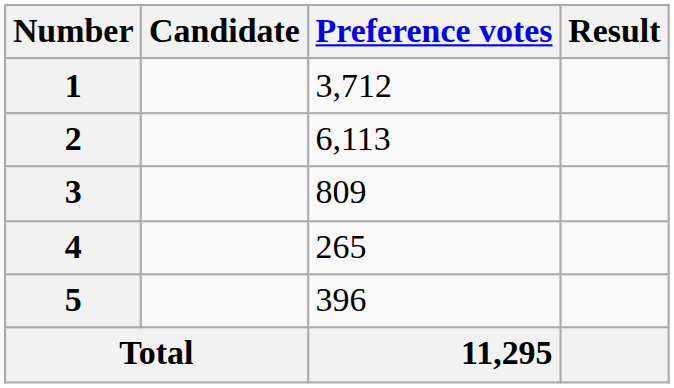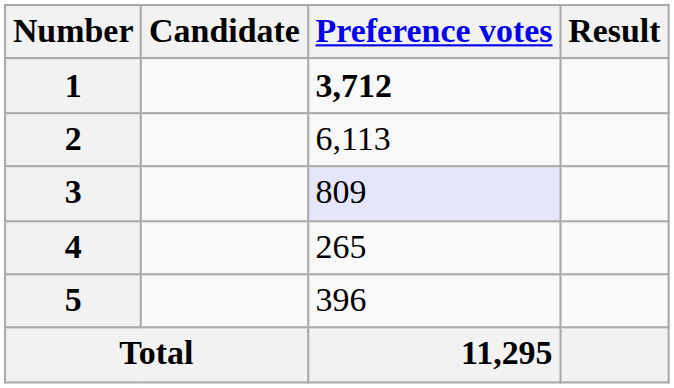 <table class="wikitable sortable" >
 <tr>
 <th scope="col">Number</th>
 <th scope="col">Candidate</th>
 <th scope="col"><a href='#'>Preference votes</a></th>
 <th scope="col">Result</th>
 </tr>
 <tr>
 <th scope="row">1</th>
 <td style="text-align:left"></td>
-<td>3,712</td>
+<td><strong>3,712</strong></td>
 <td></td>
 </tr>
 <tr>
 <th scope="row">2</th>
 <td style="text-align:left"></td>
 <td>6,113</td>
 <td></td>
 </tr>
 <tr>
 <th scope="row">3</th>
 <td style="text-align:left"></td>
-<td>809</td>
+<td style="background: lavender;">809</td>
 <td></td>
 </tr>
 <tr>
 <th scope="row">4</th>
 <td style="text-align:left"></td>
 <td>265</td>
 <td></td>
 </tr>
 <tr>
 <th scope="row">5</th>
 <td style="text-align:left"></td>
 <td>396</td>
 <td></td>
 </tr>
 <tr class="sortbottom">
 <th scope="row"  colspan="2">Total</th>
 <th style="text-align:right">11,295</th>
 <th></th>
 </tr>
 </table>
